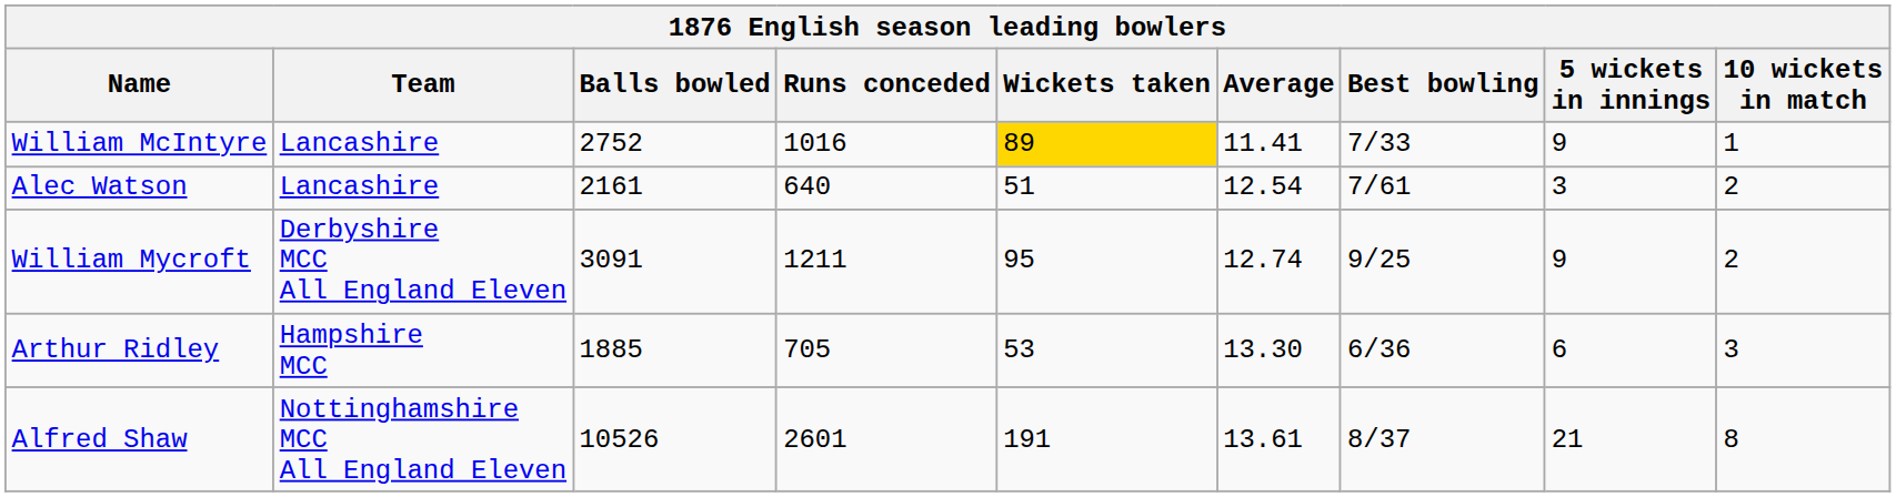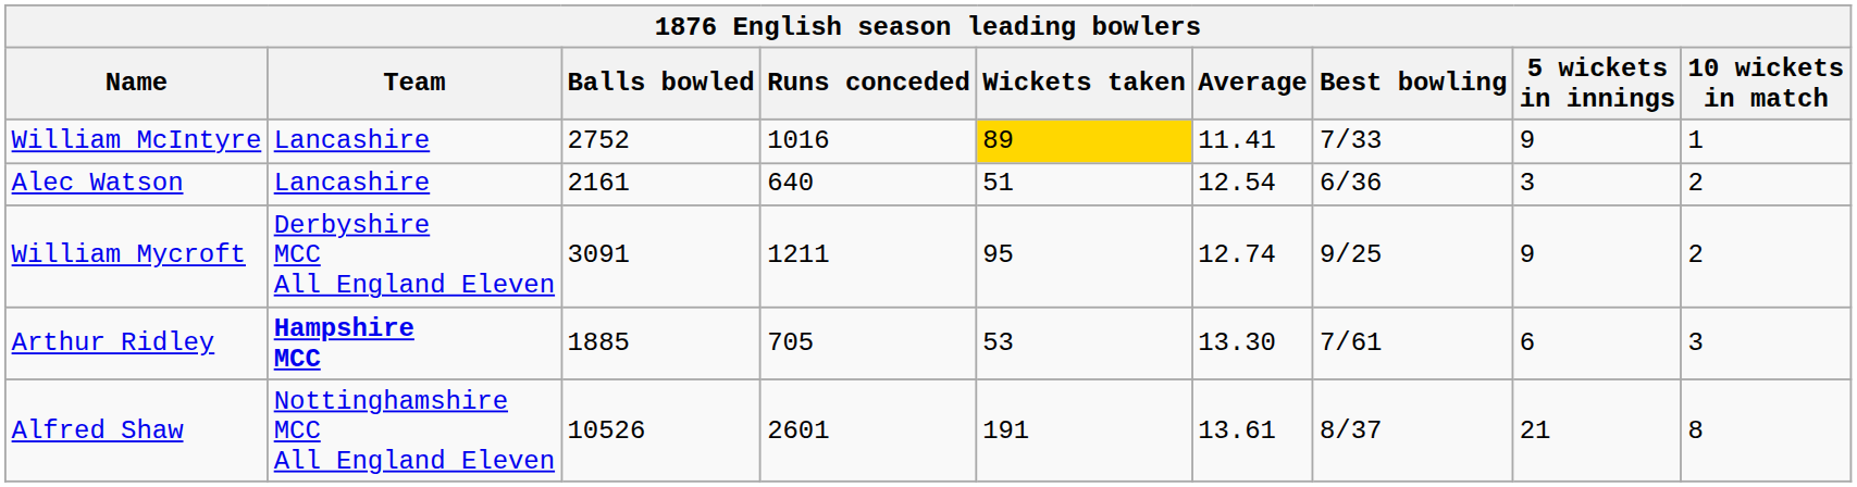 <table class="wikitable">
 <tr>
 <th bgcolor="#efefef" colspan="9">1876 English season leading bowlers</th>
 </tr>
 <tr bgcolor="#efefef">
 <th>Name</th>
 <th>Team</th>
 <th>Balls bowled</th>
 <th>Runs conceded</th>
 <th>Wickets taken</th>
 <th>Average</th>
 <th>Best bowling</th>
 <th>5 wickets<br>in innings</th>
 <th>10 wickets<br>in match</th>
 </tr>
 <tr>
 <td><a href='#'>William McIntyre</a></td>
 <td><a href='#'>Lancashire</a></td>
 <td>2752</td>
 <td>1016</td>
 <td style="background: gold;">89</td>
 <td>11.41</td>
 <td>7/33</td>
 <td>9</td>
 <td>1</td>
 </tr>
 <tr>
 <td><a href='#'>Alec Watson</a></td>
 <td><a href='#'>Lancashire</a></td>
 <td>2161</td>
 <td>640</td>
 <td>51</td>
 <td>12.54</td>
-<td>7/61</td>
+<td>6/36</td>
 <td>3</td>
 <td>2</td>
 </tr>
 <tr>
 <td><a href='#'>William Mycroft</a></td>
 <td><a href='#'>Derbyshire</a><br><a href='#'>MCC</a><br><a href='#'>All England Eleven</a></td>
 <td>3091</td>
 <td>1211</td>
 <td>95</td>
 <td>12.74</td>
 <td>9/25</td>
 <td>9</td>
 <td>2</td>
 </tr>
 <tr>
 <td><a href='#'>Arthur Ridley</a></td>
-<td><a href='#'>Hampshire</a><br><a href='#'>MCC</a></td>
+<td><strong><a href='#'>Hampshire</a><br><a href='#'>MCC</a></strong></td>
 <td>1885</td>
 <td>705</td>
 <td>53</td>
 <td>13.30</td>
-<td>6/36</td>
+<td>7/61</td>
 <td>6</td>
 <td>3</td>
 </tr>
 <tr>
 <td><a href='#'>Alfred Shaw</a></td>
 <td><a href='#'>Nottinghamshire</a><br><a href='#'>MCC</a><br><a href='#'>All England Eleven</a></td>
 <td>10526</td>
 <td>2601</td>
 <td>191</td>
 <td>13.61</td>
 <td>8/37</td>
 <td>21</td>
 <td>8</td>
 </tr>
 </table>
